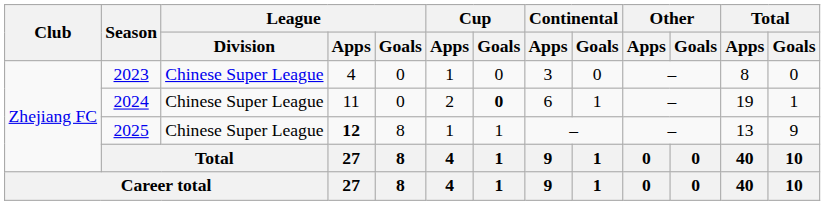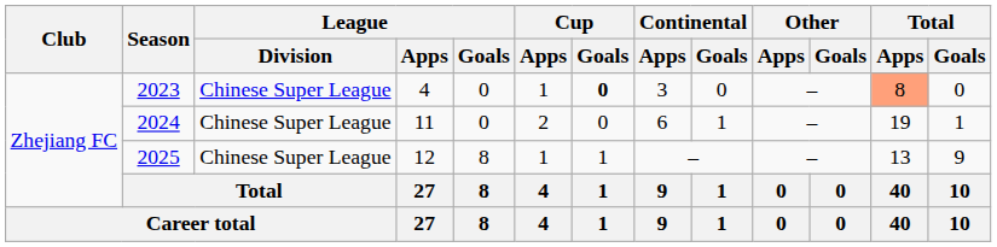 <table class="wikitable" style="text-align: center">
 <tr>
 <th rowspan="2">Club</th>
 <th rowspan="2">Season</th>
 <th colspan="3">League</th>
 <th colspan="2">Cup</th>
 <th colspan="2">Continental</th>
 <th colspan="2">Other</th>
 <th colspan="2">Total</th>
 </tr>
 <tr>
 <th>Division</th>
 <th>Apps</th>
 <th>Goals</th>
 <th>Apps</th>
 <th>Goals</th>
 <th>Apps</th>
 <th>Goals</th>
 <th>Apps</th>
 <th>Goals</th>
 <th>Apps</th>
 <th>Goals</th>
 </tr>
 <tr>
 <td rowspan="4"><a href='#'>Zhejiang FC</a></td>
 <td><a href='#'>2023</a></td>
 <td><a href='#'>Chinese Super League</a></td>
 <td>4</td>
 <td>0</td>
 <td>1</td>
-<td>0</td>
+<td><strong>0</strong></td>
 <td>3</td>
 <td>0</td>
 <td colspan="2">–</td>
-<td>8</td>
+<td style="background: lightsalmon;">8</td>
 <td>0</td>
 </tr>
 <tr>
 <td><a href='#'>2024</a></td>
 <td>Chinese Super League</td>
 <td>11</td>
 <td>0</td>
 <td>2</td>
-<td><strong>0</strong></td>
+<td>0</td>
 <td>6</td>
 <td>1</td>
 <td colspan="2">–</td>
 <td>19</td>
 <td>1</td>
 </tr>
 <tr>
 <td><a href='#'>2025</a></td>
 <td>Chinese Super League</td>
-<td><strong>12</strong></td>
+<td>12</td>
 <td>8</td>
 <td>1</td>
 <td>1</td>
 <td colspan="2">–</td>
 <td colspan="2">–</td>
 <td>13</td>
 <td>9</td>
 </tr>
 <tr>
 <th colspan=2>Total</th>
 <th>27</th>
 <th>8</th>
 <th>4</th>
 <th>1</th>
 <th>9</th>
 <th>1</th>
 <th>0</th>
 <th>0</th>
 <th>40</th>
 <th>10</th>
 </tr>
 <tr>
 <th colspan=3>Career total</th>
 <th>27</th>
 <th>8</th>
 <th>4</th>
 <th>1</th>
 <th>9</th>
 <th>1</th>
 <th>0</th>
 <th>0</th>
 <th>40</th>
 <th>10</th>
 </tr>
 </table>
